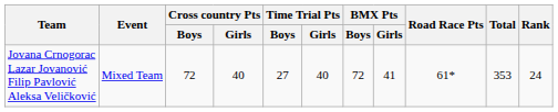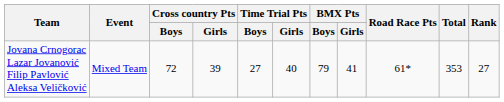 <table class="wikitable" border="1" style="font-size:90%">
 <tr>
 <th rowspan=2>Team</th>
 <th rowspan=2>Event</th>
 <th colspan=2>Cross country Pts</th>
 <th colspan=2>Time Trial Pts</th>
 <th colspan=2>BMX Pts</th>
 <th rowspan=2>Road Race Pts</th>
 <th rowspan=2>Total</th>
 <th rowspan=2>Rank</th>
 </tr>
 <tr>
 <th>Boys</th>
 <th>Girls</th>
 <th>Boys</th>
 <th>Girls</th>
 <th>Boys</th>
 <th>Girls</th>
 </tr>
 <tr>
 <td><a href='#'>Jovana Crnogorac</a><br><a href='#'>Lazar Jovanović</a><br><a href='#'>Filip Pavlović</a><br><a href='#'>Aleksa Veličković</a></td>
 <td><a href='#'>Mixed Team</a></td>
 <td align=center>72</td>
-<td align=center>40</td>
+<td align=center>39</td>
 <td align=center>27</td>
 <td align=center>40</td>
-<td align=center>72</td>
+<td align=center>79</td>
 <td align=center>41</td>
 <td align=center>61*</td>
 <td align=center>353</td>
-<td align=center>24</td>
+<td align=center>27</td>
 </tr>
 </table>
